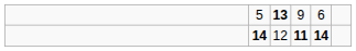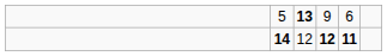 <table class="wikitable">
 <tr>
 <td style="width:18em"></td>
 <td align=center style="width:1em">5</td>
 <td align=center style="width:1em"><strong>13</strong></td>
 <td align=center style="width:1em">9</td>
 <td align=center style="width:1em">6</td>
 <td align=center style="width:1em"></td>
 </tr>
 <tr>
 <td style="width:18em"><strong></strong></td>
 <td align=center style="width:1em"><strong>14</strong></td>
 <td align=center style="width:1em">12</td>
+<td align=center style="width:1em"><strong>12</strong></td>
 <td align=center style="width:1em"><strong>11</strong></td>
-<td align=center style="width:1em"><strong>14</strong></td>
 <td align=center style="width:1em"></td>
 </tr>
 </table>
